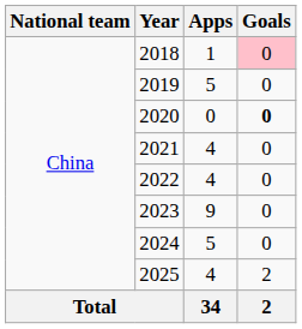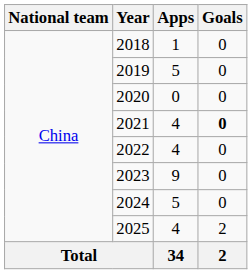 <table class="wikitable" style="text-align:center">
 <tr>
 <th>National team</th>
 <th>Year</th>
 <th>Apps</th>
 <th>Goals</th>
 </tr>
 <tr>
 <td rowspan="8"><a href='#'>China</a></td>
 <td>2018</td>
 <td>1</td>
-<td style="background: pink;">0</td>
+<td>0</td>
 </tr>
 <tr>
 <td>2019</td>
 <td>5</td>
 <td>0</td>
 </tr>
 <tr>
 <td>2020</td>
 <td>0</td>
-<td><strong>0</strong></td>
+<td>0</td>
 </tr>
 <tr>
 <td>2021</td>
 <td>4</td>
-<td>0</td>
+<td><strong>0</strong></td>
 </tr>
 <tr>
 <td>2022</td>
 <td>4</td>
 <td>0</td>
 </tr>
 <tr>
 <td>2023</td>
 <td>9</td>
 <td>0</td>
 </tr>
 <tr>
 <td>2024</td>
 <td>5</td>
 <td>0</td>
 </tr>
 <tr>
 <td>2025</td>
 <td>4</td>
 <td>2</td>
 </tr>
 <tr>
 <th colspan="2">Total</th>
 <th>34</th>
 <th>2</th>
 </tr>
 </table>
